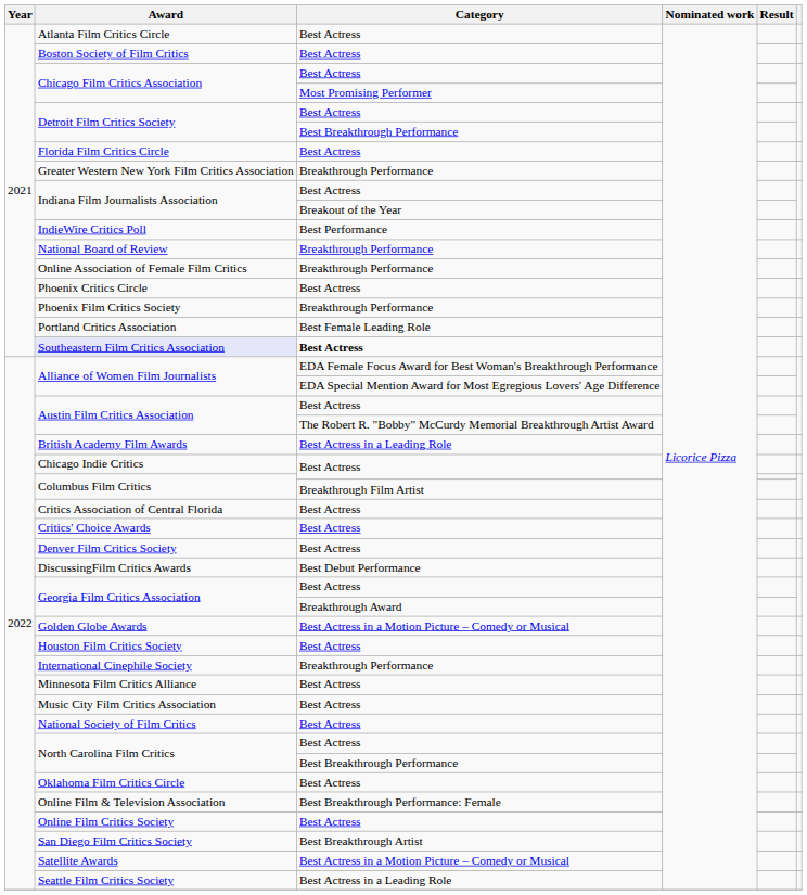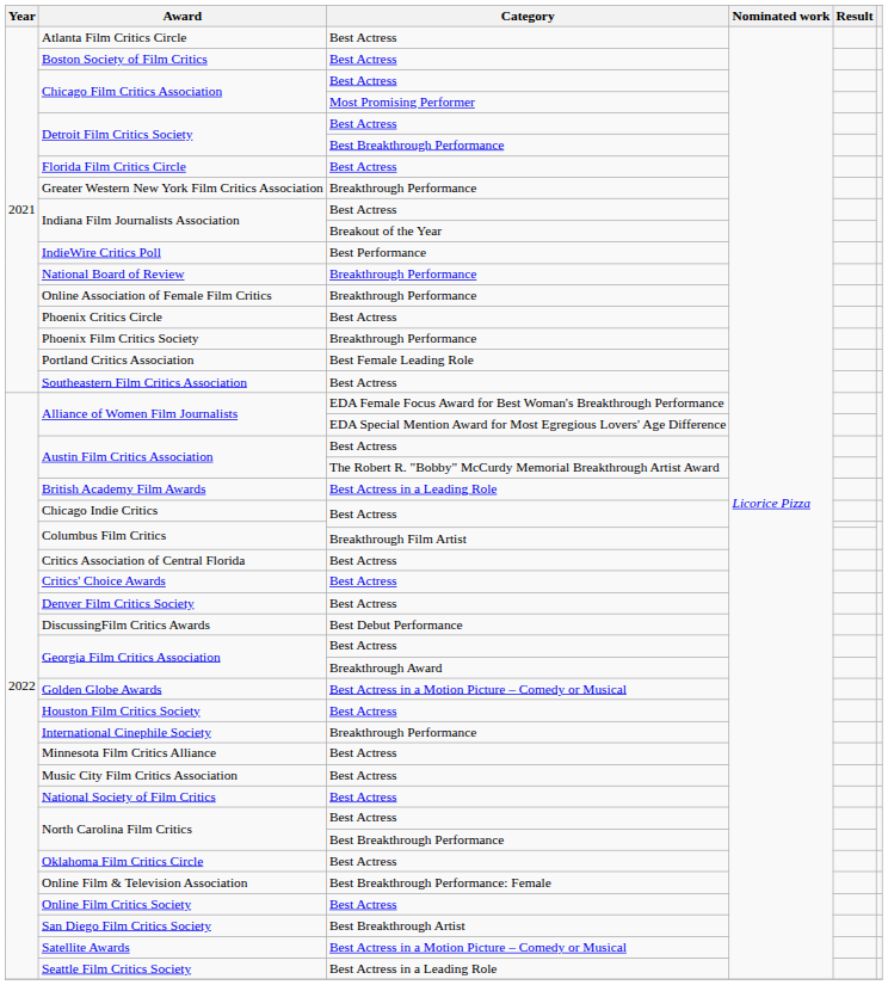 <table class="wikitable">
 <tr>
 <th>Year</th>
 <th>Award</th>
 <th>Category</th>
 <th>Nominated work</th>
 <th>Result</th>
 <th class="unsortable"></th>
 </tr>
 <tr>
 <td rowspan="17">2021</td>
 <td>Atlanta Film Critics Circle</td>
 <td>Best Actress</td>
 <td rowspan="45"><em><a href='#'>Licorice Pizza</a></em></td>
 <td></td>
 <td></td>
 </tr>
 <tr>
 <td><a href='#'>Boston Society of Film Critics</a></td>
 <td><a href='#'>Best Actress</a></td>
 <td></td>
 <td></td>
 </tr>
 <tr>
 <td rowspan="2"><a href='#'>Chicago Film Critics Association</a></td>
 <td><a href='#'>Best Actress</a></td>
 <td></td>
 <td rowspan="2"></td>
 </tr>
 <tr>
 <td><a href='#'>Most Promising Performer</a></td>
 <td></td>
 </tr>
 <tr>
 <td rowspan="2"><a href='#'>Detroit Film Critics Society</a></td>
 <td><a href='#'>Best Actress</a></td>
 <td></td>
 <td rowspan="2"></td>
 </tr>
 <tr>
 <td><a href='#'>Best Breakthrough Performance</a></td>
 <td></td>
 </tr>
 <tr>
 <td><a href='#'>Florida Film Critics Circle</a></td>
 <td><a href='#'>Best Actress</a></td>
 <td></td>
 <td></td>
 </tr>
 <tr>
 <td>Greater Western New York Film Critics Association</td>
 <td>Breakthrough Performance</td>
 <td></td>
 <td></td>
 </tr>
 <tr>
 <td rowspan="2">Indiana Film Journalists Association</td>
 <td>Best Actress</td>
 <td></td>
 <td rowspan="2"></td>
 </tr>
 <tr>
 <td>Breakout of the Year</td>
 <td></td>
 </tr>
 <tr>
 <td><a href='#'>IndieWire Critics Poll</a></td>
 <td>Best Performance</td>
 <td></td>
 <td></td>
 </tr>
 <tr>
 <td><a href='#'>National Board of Review</a></td>
 <td><a href='#'>Breakthrough Performance</a></td>
 <td></td>
 <td></td>
 </tr>
 <tr>
 <td>Online Association of Female Film Critics</td>
 <td>Breakthrough Performance</td>
 <td></td>
 <td></td>
 </tr>
 <tr>
 <td>Phoenix Critics Circle</td>
 <td>Best Actress</td>
 <td></td>
 <td></td>
 </tr>
 <tr>
 <td>Phoenix Film Critics Society</td>
 <td>Breakthrough Performance</td>
 <td></td>
 <td></td>
 </tr>
 <tr>
 <td>Portland Critics Association</td>
 <td>Best Female Leading Role</td>
 <td></td>
 <td></td>
 </tr>
 <tr>
-<td style="background: lavender;"><a href='#'>Southeastern Film Critics Association</a></td>
-<td><strong>Best Actress</strong></td>
+<td><a href='#'>Southeastern Film Critics Association</a></td>
+<td>Best Actress</td>
 <td></td>
 <td></td>
 </tr>
 <tr>
 <td rowspan="28">2022</td>
 <td rowspan="2"><a href='#'>Alliance of Women Film Journalists</a></td>
 <td>EDA Female Focus Award for Best Woman's Breakthrough Performance</td>
 <td></td>
 <td rowspan="2"></td>
 </tr>
 <tr>
 <td>EDA Special Mention Award for Most Egregious Lovers' Age Difference</td>
 <td></td>
 </tr>
 <tr>
 <td rowspan="2"><a href='#'>Austin Film Critics Association</a></td>
 <td>Best Actress</td>
 <td></td>
 <td rowspan="2"></td>
 </tr>
 <tr>
 <td>The Robert R. "Bobby" McCurdy Memorial Breakthrough Artist Award</td>
 <td></td>
 </tr>
 <tr>
 <td><a href='#'>British Academy Film Awards</a></td>
 <td><a href='#'>Best Actress in a Leading Role</a></td>
 <td></td>
 <td></td>
 </tr>
 <tr>
 <td>Chicago Indie Critics</td>
 <td rowspan="2">Best Actress</td>
 <td></td>
 <td></td>
 </tr>
 <tr>
 <td rowspan="2">Columbus Film Critics</td>
 <td></td>
 <td rowspan="2"></td>
 </tr>
 <tr>
 <td>Breakthrough Film Artist</td>
 <td></td>
 </tr>
 <tr>
 <td>Critics Association of Central Florida</td>
 <td>Best Actress</td>
 <td></td>
 <td></td>
 </tr>
 <tr>
 <td><a href='#'>Critics' Choice Awards</a></td>
 <td><a href='#'>Best Actress</a></td>
 <td></td>
 <td></td>
 </tr>
 <tr>
 <td><a href='#'>Denver Film Critics Society</a></td>
 <td>Best Actress</td>
 <td></td>
 <td></td>
 </tr>
 <tr>
 <td>DiscussingFilm Critics Awards</td>
 <td>Best Debut Performance</td>
 <td></td>
 <td></td>
 </tr>
 <tr>
 <td rowspan="2"><a href='#'>Georgia Film Critics Association</a></td>
 <td>Best Actress</td>
 <td></td>
 <td rowspan="2"></td>
 </tr>
 <tr>
 <td>Breakthrough Award</td>
 <td></td>
 </tr>
 <tr>
 <td><a href='#'>Golden Globe Awards</a></td>
 <td><a href='#'>Best Actress in a Motion Picture – Comedy or Musical</a></td>
 <td></td>
 <td></td>
 </tr>
 <tr>
 <td><a href='#'>Houston Film Critics Society</a></td>
 <td><a href='#'>Best Actress</a></td>
 <td></td>
 <td></td>
 </tr>
 <tr>
 <td><a href='#'>International Cinephile Society</a></td>
 <td>Breakthrough Performance</td>
 <td></td>
 <td></td>
 </tr>
 <tr>
 <td>Minnesota Film Critics Alliance</td>
 <td>Best Actress</td>
 <td></td>
 <td></td>
 </tr>
 <tr>
 <td>Music City Film Critics Association</td>
 <td>Best Actress</td>
 <td></td>
 <td></td>
 </tr>
 <tr>
 <td><a href='#'>National Society of Film Critics</a></td>
 <td><a href='#'>Best Actress</a></td>
 <td></td>
 <td></td>
 </tr>
 <tr>
 <td rowspan="2">North Carolina Film Critics</td>
 <td>Best Actress</td>
 <td></td>
 <td rowspan="2"></td>
 </tr>
 <tr>
 <td>Best Breakthrough Performance</td>
 <td></td>
 </tr>
 <tr>
 <td><a href='#'>Oklahoma Film Critics Circle</a></td>
 <td>Best Actress</td>
 <td></td>
 <td></td>
 </tr>
 <tr>
 <td>Online Film & Television Association</td>
 <td>Best Breakthrough Performance: Female</td>
 <td></td>
 <td></td>
 </tr>
 <tr>
 <td><a href='#'>Online Film Critics Society</a></td>
 <td><a href='#'>Best Actress</a></td>
 <td></td>
 <td></td>
 </tr>
 <tr>
 <td><a href='#'>San Diego Film Critics Society</a></td>
 <td>Best Breakthrough Artist</td>
 <td></td>
 <td></td>
 </tr>
 <tr>
 <td><a href='#'>Satellite Awards</a></td>
 <td><a href='#'>Best Actress in a Motion Picture – Comedy or Musical</a></td>
 <td></td>
 <td></td>
 </tr>
 <tr>
 <td><a href='#'>Seattle Film Critics Society</a></td>
 <td>Best Actress in a Leading Role</td>
 <td></td>
 <td></td>
 </tr>
 <tr>
 </tr>
 </table>
